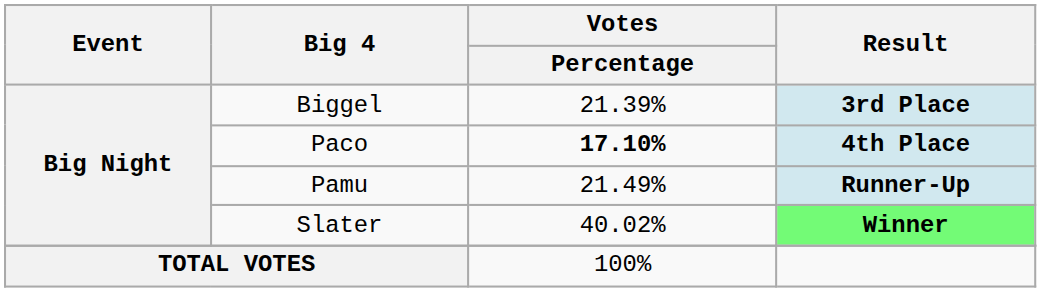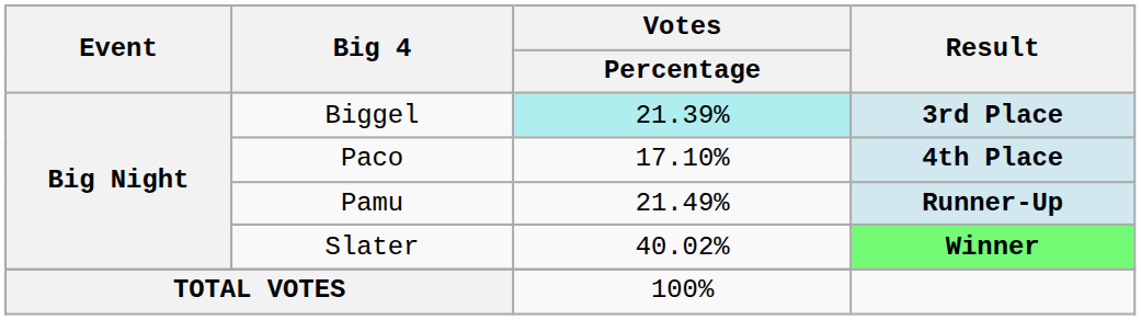 <table class="wikitable" style="text-align:center; font-size:90%; line-height:14px;" width="40%">
 <tr>
 <th rowspan="2" width="20%">Event</th>
 <th rowspan="2" width="25%">Big 4</th>
 <th colspan="1" width="30%">Votes</th>
 <th rowspan="2" width="30%">Result</th>
 </tr>
 <tr>
 <th width="05%">Percentage</th>
 </tr>
 <tr>
 <th rowspan=4>Big Night</th>
 <td>Biggel</td>
-<td>21.39%</td>
+<td style="background: paleturquoise;">21.39%</td>
 <td align="center" bgcolor="#D1E8EF"><strong>3rd Place</strong></td>
 </tr>
 <tr>
 <td>Paco</td>
-<td><strong>17.10%</strong></td>
+<td>17.10%</td>
 <td align="center" bgcolor="#D1E8EF"><strong>4th Place</strong></td>
 </tr>
 <tr>
 <td>Pamu</td>
 <td>21.49%</td>
 <td align="center" bgcolor="#D1E8EF"><strong>Runner-Up</strong></td>
 </tr>
 <tr>
 <td>Slater</td>
 <td>40.02%</td>
 <td align="center" bgcolor="#73FB76"><strong>Winner</strong></td>
 </tr>
 <tr>
 </tr>
 <tr>
 <th colspan=2>TOTAL VOTES</th>
 <td>100%</td>
 <td></td>
 </tr>
 </table>
